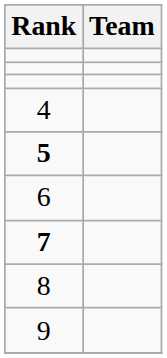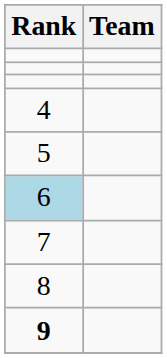 <table class="wikitable" style="text-align: center;">
 <tr>
 <th>Rank</th>
 <th>Team</th>
 </tr>
 <tr>
 <td></td>
 <td align="left"></td>
 </tr>
 <tr>
 <td></td>
 <td align="left"></td>
 </tr>
 <tr>
 <td></td>
 <td align="left"></td>
 </tr>
 <tr>
 <td>4</td>
 <td align="left"></td>
 </tr>
 <tr>
-<td><strong>5</strong></td>
+<td>5</td>
 <td align="left"></td>
 </tr>
 <tr>
-<td>6</td>
+<td style="background: lightblue;">6</td>
 <td align="left"></td>
 </tr>
 <tr>
-<td><strong>7</strong></td>
+<td>7</td>
 <td align="left"></td>
 </tr>
 <tr>
 <td>8</td>
 <td align="left"></td>
 </tr>
 <tr>
-<td>9</td>
+<td><strong>9</strong></td>
 <td align="left"></td>
 </tr>
 <tr>
 </tr>
 </table>
